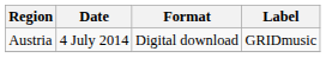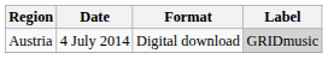 <table class=wikitable>
 <tr>
 <th>Region</th>
 <th>Date</th>
 <th>Format</th>
 <th>Label</th>
 </tr>
 <tr>
 <td>Austria</td>
 <td>4 July 2014</td>
 <td>Digital download</td>
-<td>GRIDmusic</td>
+<td style="background: lightgrey;">GRIDmusic</td>
 </tr>
 <tr>
 </tr>
 </table>
